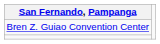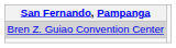 <table class=wikitable>
 <tr>
 <th><a href='#'>San Fernando</a>, <a href='#'>Pampanga</a></th>
 <td rowspan=3></td>
 </tr>
 <tr>
-<td align=center><a href='#'>Bren Z. Guiao Convention Center</a></td>
+<td align=center style="background: lightgrey;"><a href='#'>Bren Z. Guiao Convention Center</a></td>
 </tr>
 <tr>
 <td></td>
 </tr>
 </table>
